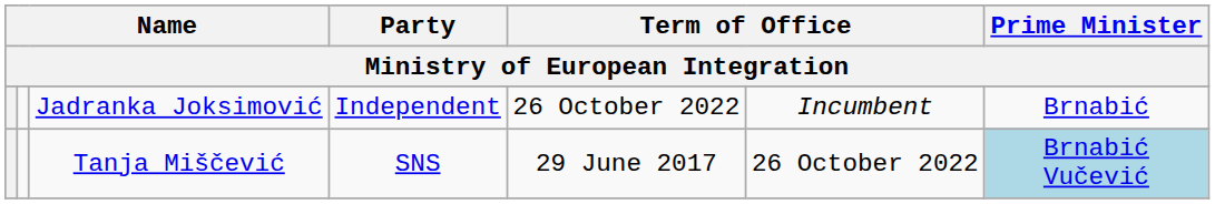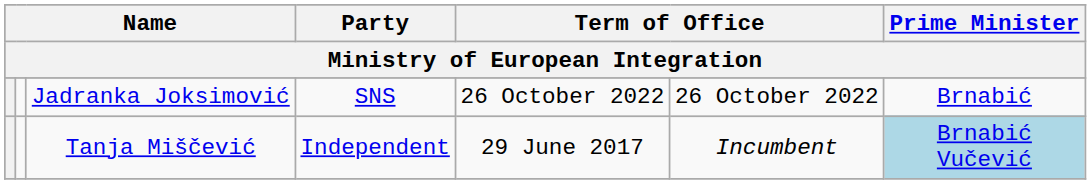 <table class="wikitable" style="text-align:center;">
 <tr>
 <th colspan=3>Name<br></th>
 <th>Party</th>
 <th colspan=2>Term of Office</th>
 <th><a href='#'>Prime Minister</a><br></th>
 </tr>
 <tr>
 <th colspan="7">Ministry of European Integration</th>
 </tr>
 <tr>
 <th style="background:"></th>
 <td></td>
 <td><a href='#'>Jadranka Joksimović</a><br></td>
-<td><a href='#'>Independent</a></td>
+<td><a href='#'>SNS</a></td>
 <td>26 October 2022</td>
-<td><em>Incumbent</em></td>
+<td>26 October 2022</td>
 <td><a href='#'>Brnabić</a> </td>
 </tr>
 <tr>
 <th style="background:"></th>
 <td></td>
 <td><a href='#'>Tanja Miščević</a><br></td>
-<td><a href='#'>SNS</a></td>
+<td><a href='#'>Independent</a></td>
 <td>29 June 2017</td>
-<td>26 October 2022</td>
+<td><em>Incumbent</em></td>
 <td style="background: lightblue;"><a href='#'>Brnabić</a> <br><a href='#'>Vučević</a> </td>
 </tr>
 </table>
